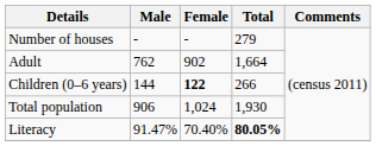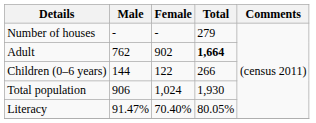 <table class="wikitable sortable">
 <tr>
 <th>Details</th>
 <th>Male</th>
 <th>Female</th>
 <th>Total</th>
 <th>Comments</th>
 </tr>
 <tr>
 <td>Number of houses</td>
 <td>-</td>
 <td>-</td>
 <td>279</td>
 <td rowspan="5">(census 2011) </td>
 </tr>
 <tr>
 <td>Adult</td>
 <td>762</td>
 <td>902</td>
-<td>1,664</td>
+<td><strong>1,664</strong></td>
 </tr>
 <tr>
 <td>Children (0–6 years)</td>
 <td>144</td>
-<td><strong>122</strong></td>
+<td>122</td>
 <td>266</td>
 </tr>
 <tr>
 <td>Total population</td>
 <td>906</td>
 <td>1,024</td>
 <td>1,930</td>
 </tr>
 <tr>
 <td>Literacy</td>
 <td>91.47%</td>
 <td>70.40%</td>
-<td><strong>80.05%</strong></td>
+<td>80.05%</td>
 </tr>
 <tr>
 </tr>
 </table>
